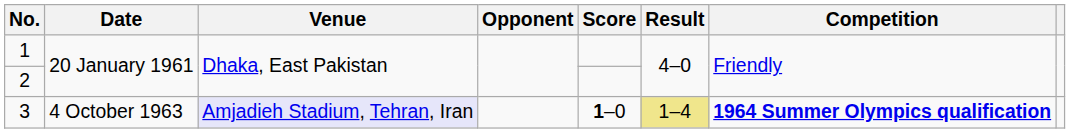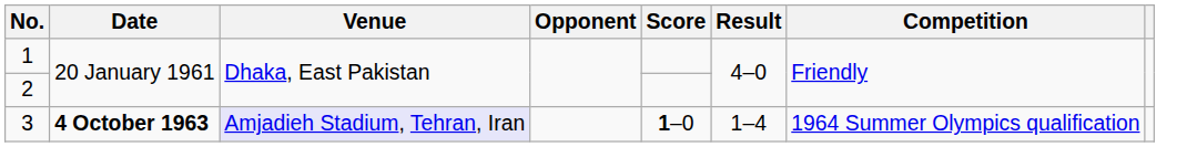 <table class="wikitable plainrowheaders sortable">
 <tr>
 <th scope="col">No.</th>
 <th scope="col">Date</th>
 <th scope="col">Venue</th>
 <th scope="col">Opponent</th>
 <th scope="col">Score</th>
 <th scope="col">Result</th>
 <th scope="col">Competition</th>
 <th scope="col" class="unsortable"></th>
 </tr>
 <tr>
 <td align="center">1</td>
 <td rowspan="2">20 January 1961</td>
 <td rowspan="2"><a href='#'>Dhaka</a>, East Pakistan</td>
 <td rowspan="2"></td>
 <td align="center"></td>
 <td rowspan="2" align="center">4–0</td>
 <td rowspan="2"><a href='#'>Friendly</a></td>
 <td rowspan="2"></td>
 </tr>
 <tr>
 <td align="center">2</td>
 <td align="center"></td>
 </tr>
 <tr>
 <td align="center">3</td>
-<td>4 October 1963</td>
+<td><strong>4 October 1963</strong></td>
 <td style="background: lavender;"><a href='#'>Amjadieh Stadium</a>, <a href='#'>Tehran</a>, Iran</td>
 <td></td>
 <td align="center"><strong>1</strong>–0</td>
-<td align="center" style="background: khaki;">1–4</td>
-<td><strong><a href='#'>1964 Summer Olympics qualification</a></strong></td>
+<td align="center">1–4</td>
+<td><a href='#'>1964 Summer Olympics qualification</a></td>
 <td></td>
 </tr>
 </table>
